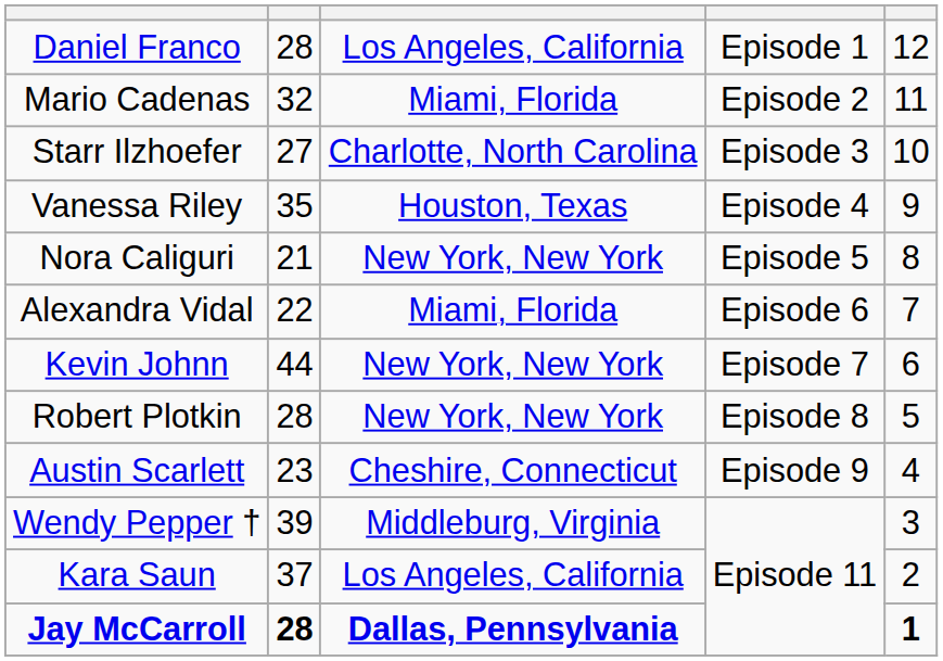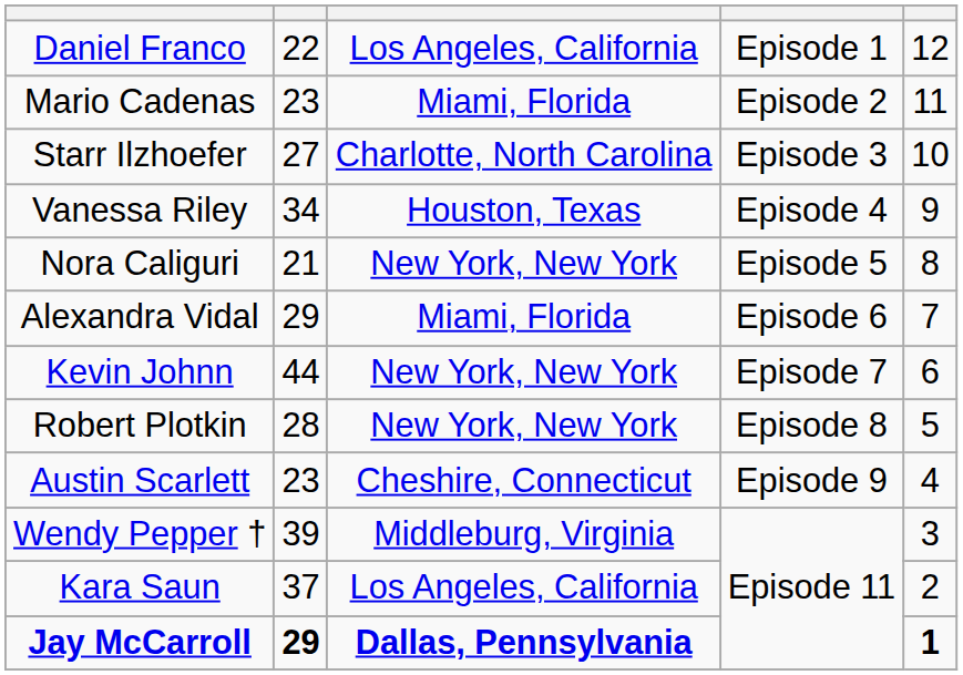 <table class="wikitable sortable" style="text-align:center;">
 <tr>
 <th></th>
 <th></th>
 <th></th>
 <th></th>
 <th></th>
 </tr>
 <tr>
 <td><a href='#'>Daniel Franco</a></td>
-<td>28</td>
+<td>22</td>
 <td><a href='#'>Los Angeles, California</a></td>
 <td>Episode 1</td>
 <td>12</td>
 </tr>
 <tr>
 <td>Mario Cadenas</td>
-<td>32</td>
+<td>23</td>
 <td><a href='#'>Miami, Florida</a></td>
 <td>Episode 2</td>
 <td>11</td>
 </tr>
 <tr>
 <td>Starr Ilzhoefer</td>
 <td>27</td>
 <td><a href='#'>Charlotte, North Carolina</a></td>
 <td>Episode 3</td>
 <td>10</td>
 </tr>
 <tr>
 <td>Vanessa Riley</td>
-<td>35</td>
+<td>34</td>
 <td><a href='#'>Houston, Texas</a></td>
 <td>Episode 4</td>
 <td>9</td>
 </tr>
 <tr>
 <td>Nora Caliguri</td>
 <td>21</td>
 <td><a href='#'>New York, New York</a></td>
 <td>Episode 5</td>
 <td>8</td>
 </tr>
 <tr>
 <td>Alexandra Vidal</td>
-<td>22</td>
+<td>29</td>
 <td><a href='#'>Miami, Florida</a></td>
 <td>Episode 6</td>
 <td>7</td>
 </tr>
 <tr>
 <td><a href='#'>Kevin Johnn</a></td>
 <td>44</td>
 <td><a href='#'>New York, New York</a></td>
 <td>Episode 7</td>
 <td>6</td>
 </tr>
 <tr>
 <td>Robert Plotkin</td>
 <td>28</td>
 <td><a href='#'>New York, New York</a></td>
 <td>Episode 8</td>
 <td>5</td>
 </tr>
 <tr>
 <td><a href='#'>Austin Scarlett</a></td>
 <td>23</td>
 <td><a href='#'>Cheshire, Connecticut</a></td>
 <td>Episode 9</td>
 <td>4</td>
 </tr>
 <tr>
 <td><a href='#'>Wendy Pepper</a> †</td>
 <td>39</td>
 <td><a href='#'>Middleburg, Virginia</a></td>
 <td rowspan="3">Episode 11</td>
 <td>3</td>
 </tr>
 <tr>
 <td><a href='#'>Kara Saun</a></td>
 <td>37</td>
 <td><a href='#'>Los Angeles, California</a></td>
 <td>2</td>
 </tr>
 <tr>
 <td><strong><a href='#'>Jay McCarroll</a></strong></td>
-<td><strong>28</strong></td>
+<td><strong>29</strong></td>
 <td><strong><a href='#'>Dallas, Pennsylvania</a></strong></td>
 <td><strong>1</strong></td>
 </tr>
 </table>
